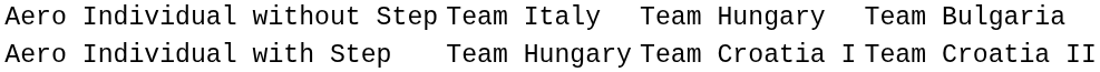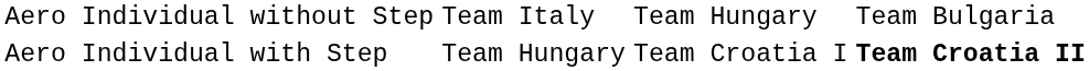 <table>
 <tr>
 <td>Aero Individual without Step</td>
 <td>Team Italy </td>
 <td>Team Hungary </td>
 <td>Team Bulgaria </td>
 </tr>
 <tr>
 <td>Aero Individual with Step</td>
 <td>Team Hungary </td>
 <td>Team Croatia I </td>
-<td>Team Croatia II </td>
+<td><strong>Team Croatia II </strong></td>
 </tr>
 <tr>
 </tr>
 </table>
